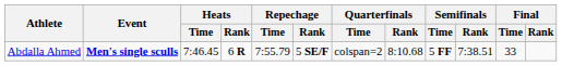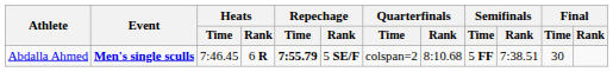 <table class="wikitable" style="font-size:90%">
 <tr>
 <th rowspan="2">Athlete</th>
 <th rowspan="2">Event</th>
 <th colspan="2">Heats</th>
 <th colspan="2">Repechage</th>
 <th colspan="2">Quarterfinals</th>
 <th colspan="2">Semifinals</th>
 <th colspan="2">Final</th>
 </tr>
 <tr style="font-size:95%">
 <th>Time</th>
 <th>Rank</th>
 <th>Time</th>
 <th>Rank</th>
 <th>Time</th>
 <th>Rank</th>
 <th>Time</th>
 <th>Rank</th>
 <th>Time</th>
 <th>Rank</th>
 </tr>
 <tr align=center>
 <td align=left><a href='#'>Abdalla Ahmed</a></td>
 <td align=left><strong><a href='#'>Men's single sculls</a></strong></td>
 <td>7:46.45</td>
 <td>6 <strong>R</strong></td>
-<td>7:55.79</td>
+<td><strong>7:55.79</strong></td>
 <td>5 <strong>SE/F</strong></td>
 <td>colspan=2 </td>
 <td>8:10.68</td>
 <td>5 <strong>FF</strong></td>
 <td>7:38.51</td>
-<td>33</td>
+<td>30</td>
 </tr>
 </table>
